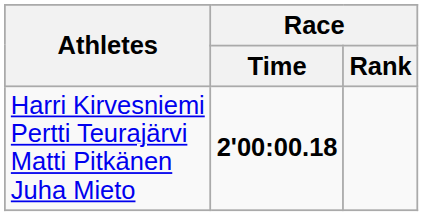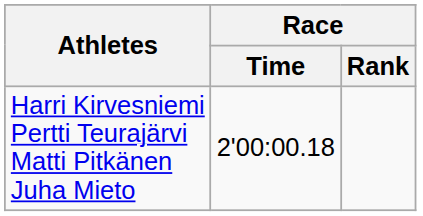 <table class="wikitable" border="1" style="font-size:90%">
 <tr>
 <th rowspan=2>Athletes</th>
 <th colspan=2>Race</th>
 </tr>
 <tr>
 <th>Time</th>
 <th>Rank</th>
 </tr>
 <tr>
 <td><a href='#'>Harri Kirvesniemi</a><br><a href='#'>Pertti Teurajärvi</a><br><a href='#'>Matti Pitkänen</a><br><a href='#'>Juha Mieto</a></td>
-<td align=center><strong>2'00:00.18</strong></td>
+<td align=center>2'00:00.18</td>
 <td align=center></td>
 </tr>
 </table>
